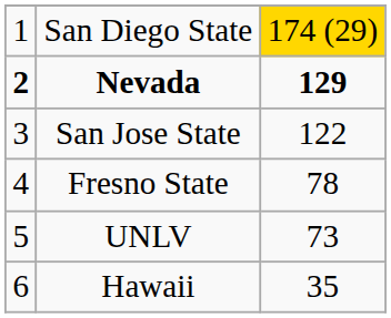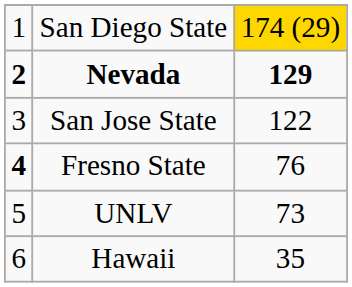 <table class="wikitable" style="display: inline-table;">
 <tr align="center">
 </tr>
 <tr align="center">
 <td>1</td>
 <td>San Diego State</td>
 <td style="background: gold;">174 (29)</td>
 </tr>
 <tr align="center">
 <td><strong>2</strong></td>
 <td><strong>Nevada</strong></td>
 <td><strong>129</strong></td>
 </tr>
 <tr align="center">
 <td>3</td>
 <td>San Jose State</td>
 <td>122</td>
 </tr>
 <tr align="center">
-<td>4</td>
+<td><strong>4</strong></td>
 <td>Fresno State</td>
-<td>78</td>
+<td>76</td>
 </tr>
 <tr align="center">
 <td>5</td>
 <td>UNLV</td>
 <td>73</td>
 </tr>
 <tr align="center">
 <td>6</td>
 <td>Hawaii</td>
 <td>35</td>
 </tr>
 </table>
